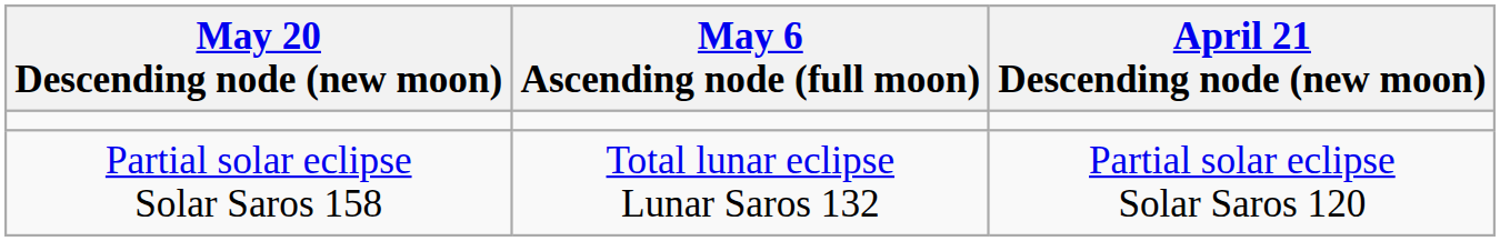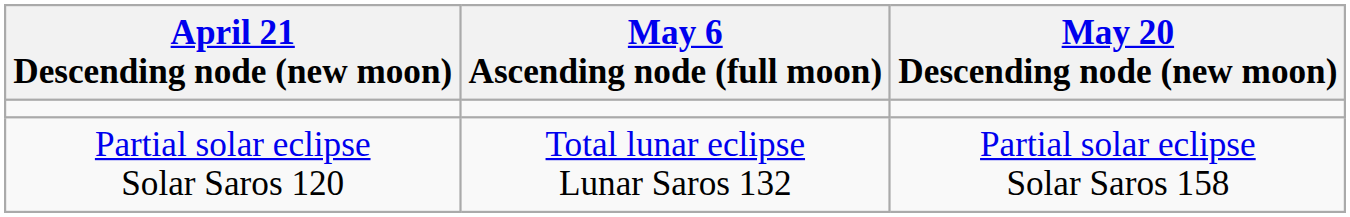 <table class="wikitable">
 <tr>
+<th><a href='#'>April 21</a><br>Descending node (new moon)<br></th>
+<th><a href='#'>May 6</a><br>Ascending node (full moon)<br></th>
 <th><a href='#'>May 20</a><br>Descending node (new moon)<br></th>
-<th><a href='#'>May 6</a><br>Ascending node (full moon)<br></th>
-<th><a href='#'>April 21</a><br>Descending node (new moon)<br></th>
 </tr>
 <tr>
 <td></td>
 <td></td>
 <td></td>
 </tr>
 <tr align=center>
+<td><a href='#'>Partial solar eclipse</a><br>Solar Saros 120</td>
+<td><a href='#'>Total lunar eclipse</a><br>Lunar Saros 132</td>
 <td><a href='#'>Partial solar eclipse</a><br>Solar Saros 158</td>
-<td><a href='#'>Total lunar eclipse</a><br>Lunar Saros 132</td>
-<td><a href='#'>Partial solar eclipse</a><br>Solar Saros 120</td>
 </tr>
 </table>
